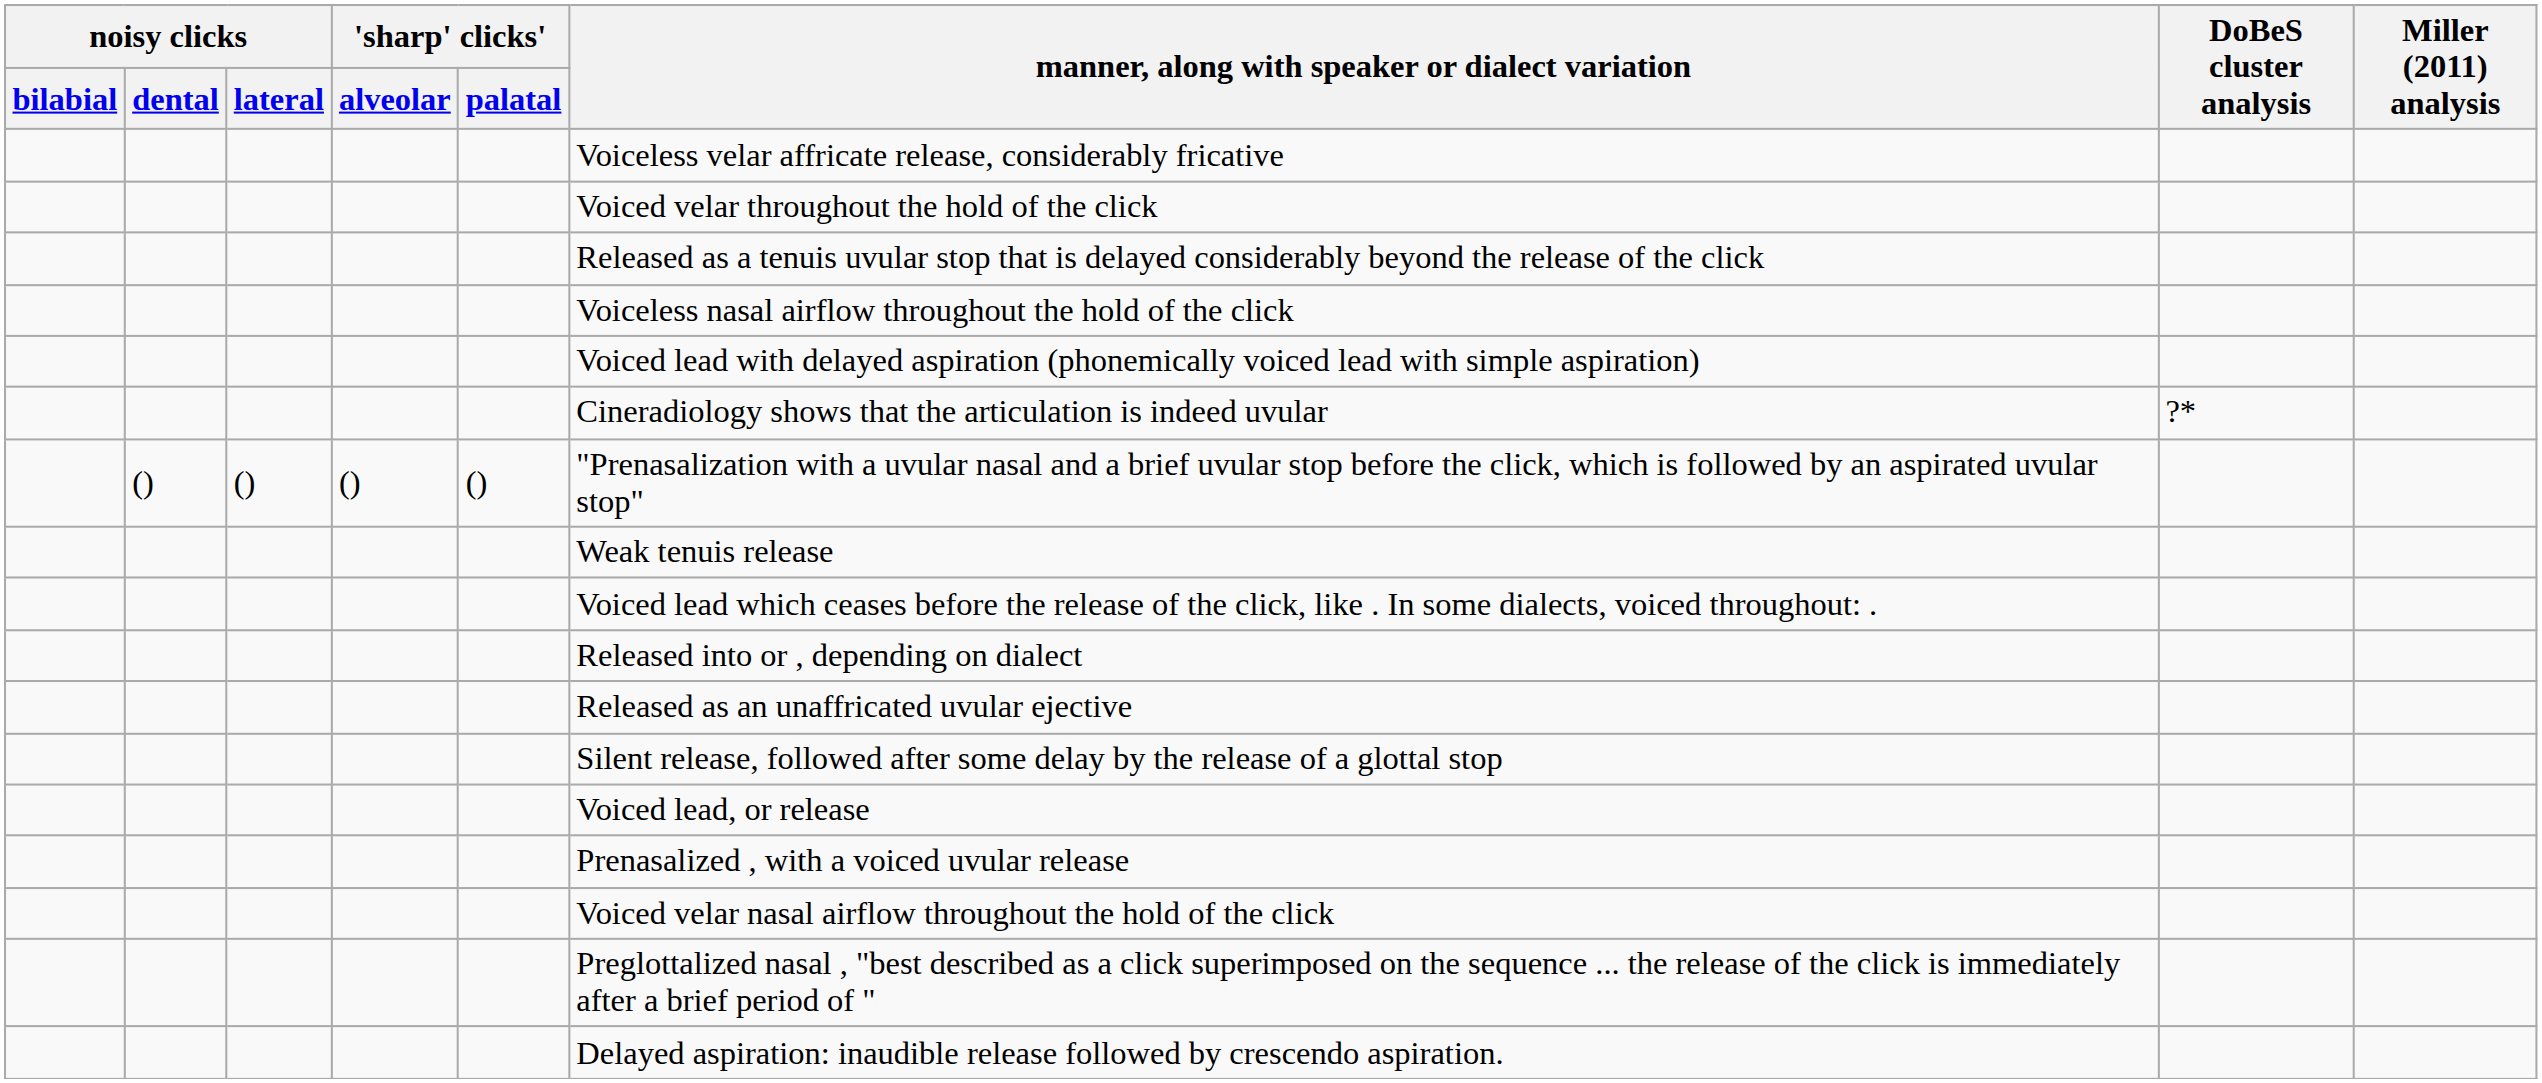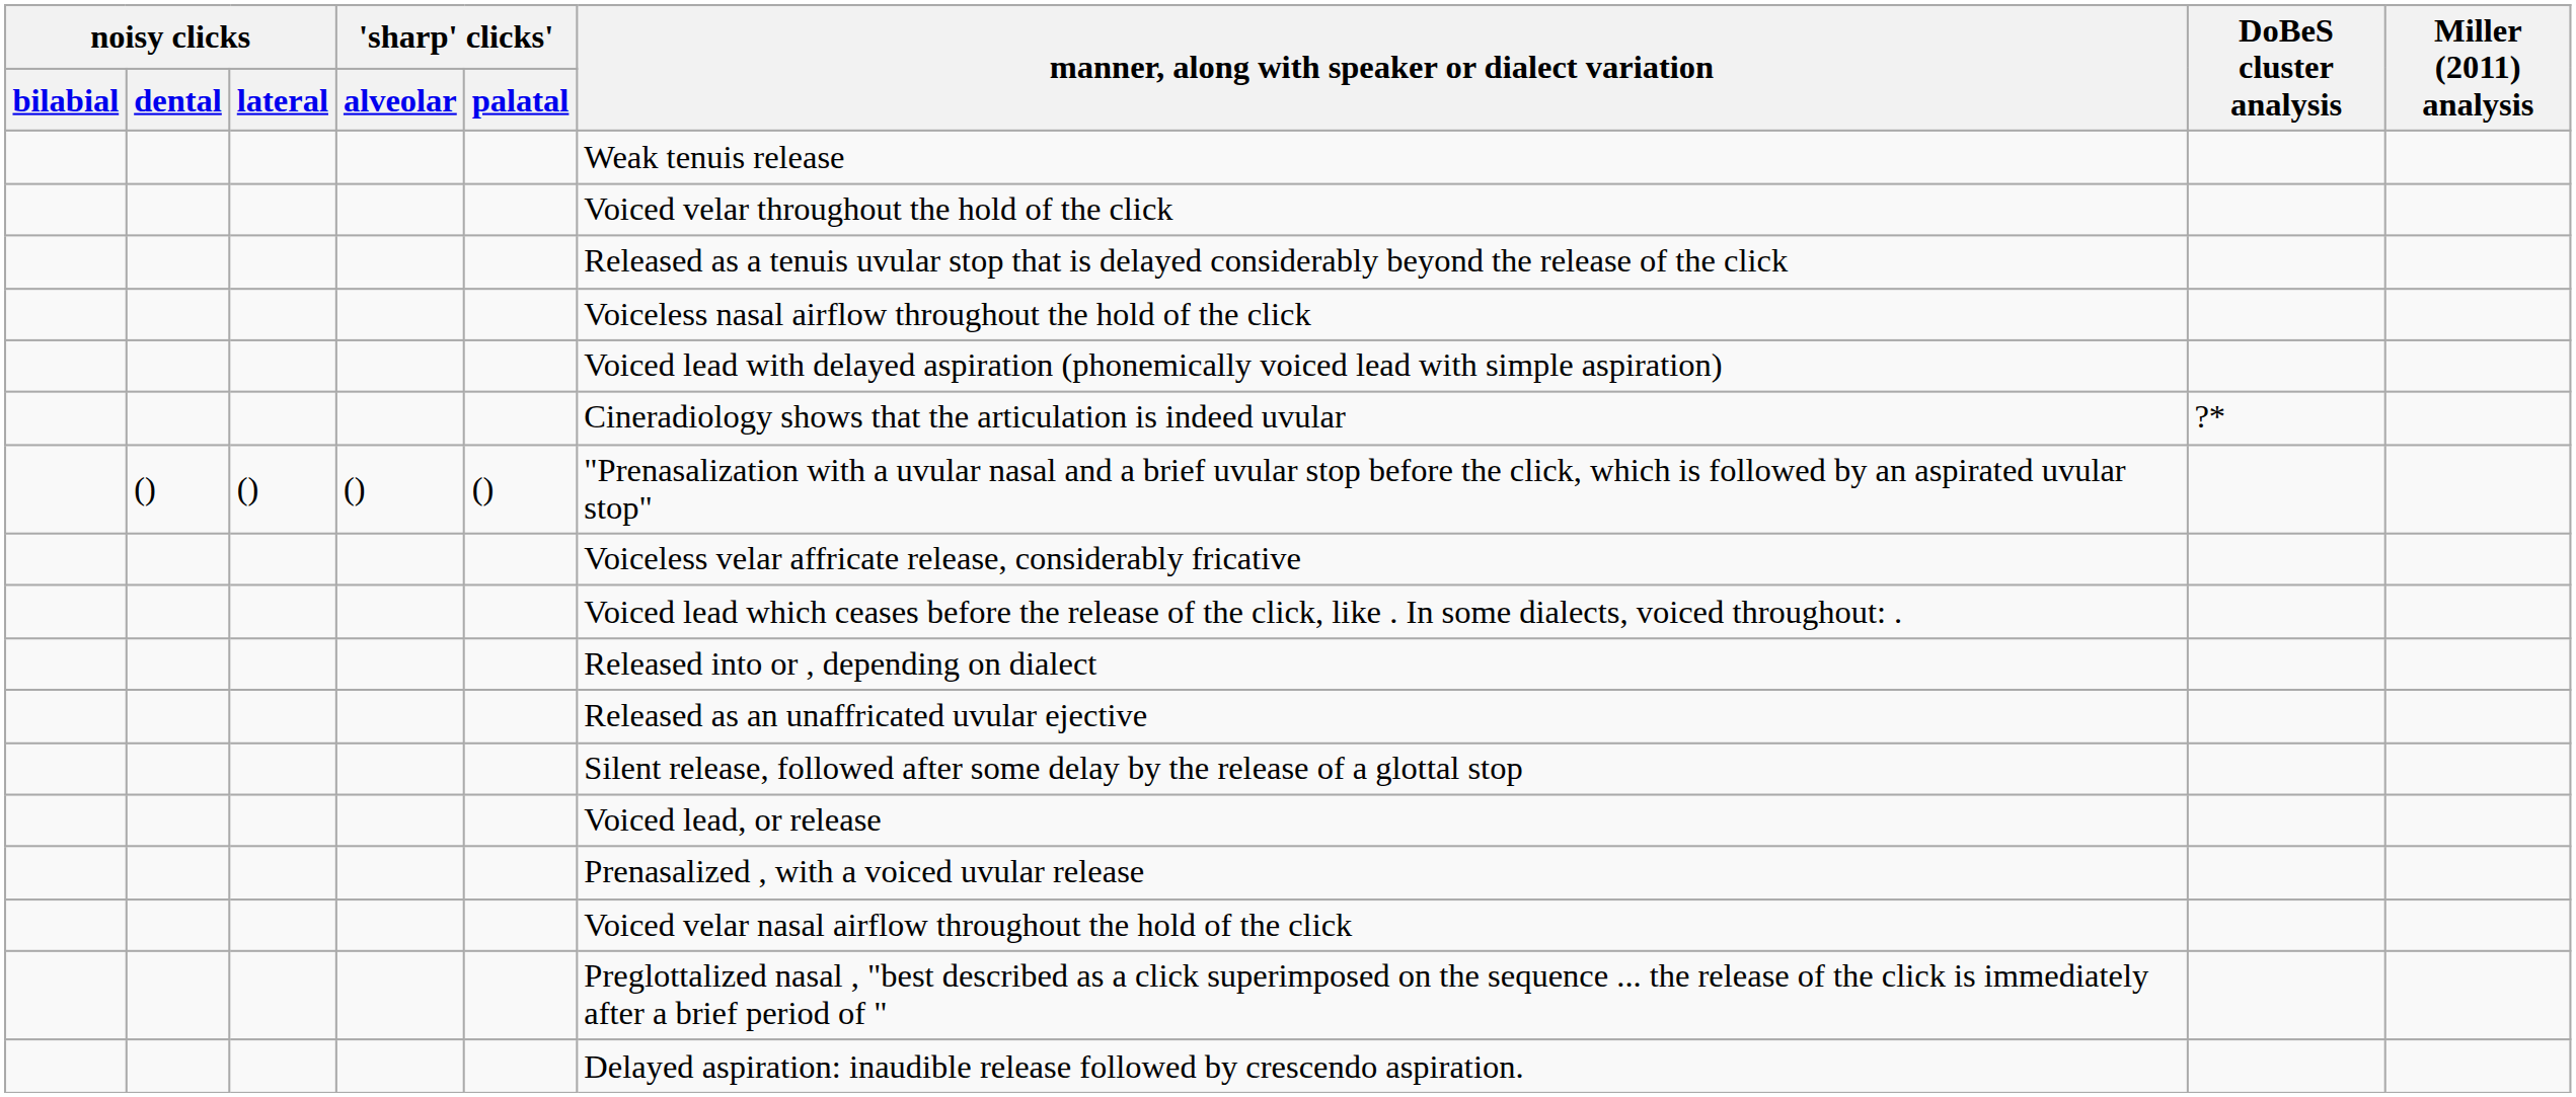 <table class="wikitable">
 <tr>
 <th colspan=3>noisy clicks</th>
 <th colspan=2>'sharp' clicks'</th>
 <th rowspan=2>manner, along with speaker or dialect variation</th>
 <th rowspan=2>DoBeS cluster<br>analysis</th>
 <th rowspan=2>Miller (2011)<br>analysis</th>
 </tr>
 <tr>
 <th><a href='#'>bilabial</a></th>
 <th><a href='#'>dental</a></th>
 <th><a href='#'>lateral</a></th>
 <th><a href='#'>alveolar</a></th>
 <th><a href='#'>palatal</a></th>
 </tr>
 <tr>
 <td></td>
 <td></td>
 <td></td>
 <td></td>
 <td></td>
-<td>Voiceless velar affricate  release, considerably fricative</td>
+<td>Weak tenuis  release</td>
 <td></td>
 <td></td>
 </tr>
 <tr>
 <td></td>
 <td></td>
 <td></td>
 <td></td>
 <td></td>
 <td>Voiced velar  throughout the hold of the click</td>
 <td></td>
 <td></td>
 </tr>
 <tr>
 <td></td>
 <td></td>
 <td></td>
 <td></td>
 <td></td>
 <td>Released as a tenuis uvular stop  that is delayed considerably beyond the release of the click</td>
 <td></td>
 <td></td>
 </tr>
 <tr>
 <td></td>
 <td></td>
 <td></td>
 <td></td>
 <td></td>
 <td>Voiceless nasal airflow  throughout the hold of the click</td>
 <td></td>
 <td><br></td>
 </tr>
 <tr>
 <td></td>
 <td></td>
 <td></td>
 <td></td>
 <td></td>
 <td>Voiced lead with delayed aspiration (phonemically voiced lead with simple aspiration)</td>
 <td></td>
 <td></td>
 </tr>
 <tr>
 <td></td>
 <td></td>
 <td></td>
 <td></td>
 <td></td>
 <td>Cineradiology shows that the articulation is indeed uvular </td>
 <td> ?*</td>
 <td></td>
 </tr>
 <tr>
 <td></td>
 <td>()</td>
 <td>()</td>
 <td>()</td>
 <td>()</td>
 <td>"Prenasalization with a uvular nasal  and a brief uvular stop before the click, which is followed by an aspirated uvular stop"</td>
 <td></td>
 <td></td>
 </tr>
 <tr>
 <td></td>
 <td></td>
 <td></td>
 <td></td>
 <td></td>
-<td>Weak tenuis  release</td>
+<td>Voiceless velar affricate  release, considerably fricative</td>
 <td></td>
 <td></td>
 </tr>
 <tr>
 <td></td>
 <td></td>
 <td></td>
 <td></td>
 <td></td>
 <td>Voiced lead which ceases before the release of the click, like . In some dialects, voiced throughout: .</td>
 <td></td>
 <td></td>
 </tr>
 <tr>
 <td></td>
 <td></td>
 <td></td>
 <td></td>
 <td></td>
 <td>Released into  or , depending on dialect</td>
 <td></td>
 <td></td>
 </tr>
 <tr>
 <td></td>
 <td></td>
 <td></td>
 <td></td>
 <td></td>
 <td>Released as an unaffricated uvular ejective </td>
 <td></td>
 <td></td>
 </tr>
 <tr>
 <td></td>
 <td></td>
 <td></td>
 <td></td>
 <td></td>
 <td>Silent release, followed after some delay by the release of a glottal stop </td>
 <td></td>
 <td><br></td>
 </tr>
 <tr>
 <td></td>
 <td></td>
 <td></td>
 <td></td>
 <td></td>
 <td>Voiced lead,  or  release</td>
 <td></td>
 </tr>
 <tr>
 <td></td>
 <td></td>
 <td></td>
 <td></td>
 <td></td>
 <td>Prenasalized , with a voiced uvular release </td>
 <td></td>
 <td></td>
 </tr>
 <tr>
 <td></td>
 <td></td>
 <td></td>
 <td></td>
 <td></td>
 <td>Voiced velar nasal airflow  throughout the hold of the click</td>
 <td></td>
 <td></td>
 </tr>
 <tr>
 <td></td>
 <td></td>
 <td></td>
 <td></td>
 <td></td>
 <td>Preglottalized nasal , "best described as a click superimposed on the sequence  ... the release of the click is immediately after a brief period of "</td>
 <td></td>
 <td></td>
 </tr>
 <tr>
 <td></td>
 <td></td>
 <td></td>
 <td></td>
 <td></td>
 <td>Delayed aspiration: inaudible release followed by crescendo aspiration.</td>
 <td></td>
 <td></td>
 </tr>
 </table>
